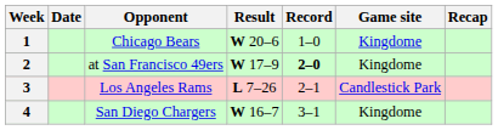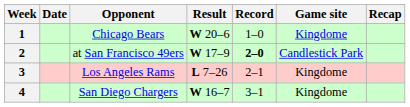 <table class="wikitable" style="text-align:center">
 <tr>
 <th>Week</th>
 <th>Date</th>
 <th>Opponent</th>
 <th>Result</th>
 <th>Record</th>
 <th>Game site</th>
 <th>Recap</th>
 </tr>
 <tr style="background:#cfc">
 <th>1</th>
 <td></td>
 <td><a href='#'>Chicago Bears</a></td>
 <td><strong>W</strong> 20–6</td>
 <td>1–0</td>
 <td><a href='#'>Kingdome</a></td>
 <td></td>
 </tr>
 <tr style="background:#cfc">
 <th>2</th>
 <td></td>
 <td>at <a href='#'>San Francisco 49ers</a></td>
 <td><strong>W</strong> 17–9</td>
 <td><strong>2–0</strong></td>
-<td>Kingdome</td>
+<td><a href='#'>Candlestick Park</a></td>
 <td></td>
 </tr>
 <tr style="background:#fcc">
 <th>3</th>
 <td></td>
 <td><a href='#'>Los Angeles Rams</a></td>
 <td><strong>L</strong> 7–26</td>
 <td>2–1</td>
-<td><a href='#'>Candlestick Park</a></td>
+<td>Kingdome</td>
 <td></td>
 </tr>
 <tr style="background:#cfc">
 <th>4</th>
 <td></td>
 <td><a href='#'>San Diego Chargers</a></td>
 <td><strong>W</strong> 16–7</td>
 <td>3–1</td>
 <td>Kingdome</td>
 <td></td>
 </tr>
 </table>
